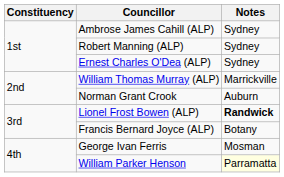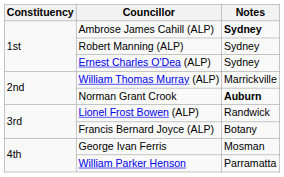 <table class="wikitable">
 <tr>
 <th>Constituency</th>
 <th>Councillor</th>
 <th>Notes</th>
 </tr>
 <tr>
 <td rowspan="3">1st</td>
 <td>Ambrose James Cahill (ALP)</td>
-<td>Sydney</td>
+<td><strong>Sydney</strong></td>
 </tr>
 <tr>
 <td>Robert Manning (ALP)</td>
 <td>Sydney</td>
 </tr>
 <tr>
 <td><a href='#'>Ernest Charles O'Dea</a> (ALP)</td>
 <td>Sydney</td>
 </tr>
 <tr>
 <td rowspan="2">2nd</td>
 <td><a href='#'>William Thomas Murray</a> (ALP)</td>
 <td>Marrickville</td>
 </tr>
 <tr>
 <td>Norman Grant Crook</td>
-<td>Auburn</td>
+<td><strong>Auburn</strong></td>
 </tr>
 <tr>
 <td rowspan="2">3rd</td>
 <td><a href='#'>Lionel Frost Bowen</a> (ALP)</td>
-<td><strong>Randwick</strong></td>
+<td>Randwick</td>
 </tr>
 <tr>
 <td>Francis Bernard Joyce (ALP)</td>
 <td>Botany</td>
 </tr>
 <tr>
 <td rowspan="2">4th</td>
 <td>George Ivan Ferris</td>
 <td>Mosman</td>
 </tr>
 <tr>
 <td><a href='#'>William Parker Henson</a></td>
-<td style="background: lightyellow;">Parramatta</td>
+<td>Parramatta</td>
 </tr>
 </table>
